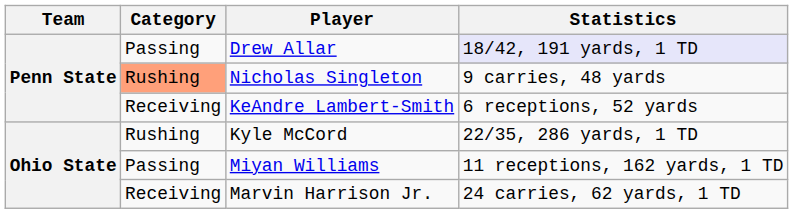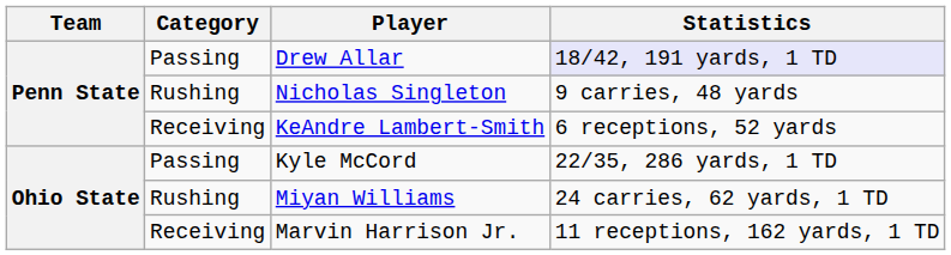 <table class="wikitable" style="float:right">
 <tr>
 <th>Team</th>
 <th>Category</th>
 <th>Player</th>
 <th>Statistics</th>
 </tr>
 <tr>
 <th rowspan=3>Penn State</th>
 <td>Passing</td>
 <td><a href='#'>Drew Allar</a></td>
 <td style="background: lavender;">18/42, 191 yards, 1 TD</td>
 </tr>
 <tr>
-<td style="background: lightsalmon;">Rushing</td>
+<td>Rushing</td>
 <td><a href='#'>Nicholas Singleton</a></td>
 <td>9 carries, 48 yards</td>
 </tr>
 <tr>
 <td>Receiving</td>
 <td><a href='#'>KeAndre Lambert-Smith</a></td>
 <td>6 receptions, 52 yards</td>
 </tr>
 <tr>
 <th rowspan=3>Ohio State</th>
-<td>Rushing</td>
+<td>Passing</td>
 <td>Kyle McCord</td>
 <td>22/35, 286 yards, 1 TD</td>
 </tr>
 <tr>
-<td>Passing</td>
+<td>Rushing</td>
 <td><a href='#'>Miyan Williams</a></td>
-<td>11 receptions, 162 yards, 1 TD</td>
+<td>24 carries, 62 yards, 1 TD</td>
 </tr>
 <tr>
 <td>Receiving</td>
 <td>Marvin Harrison Jr.</td>
-<td>24 carries, 62 yards, 1 TD</td>
+<td>11 receptions, 162 yards, 1 TD</td>
 </tr>
 </table>
